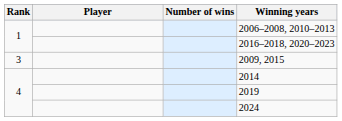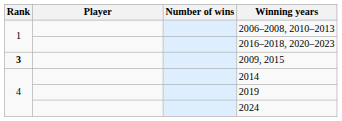 <table class="wikitable style="text-align:center">
 <tr style="background-color:#CEDAF2;">
 <th>Rank</th>
 <th style="width:200px;">Player</th>
 <th>Number of wins</th>
 <th class="unsortable">Winning years</th>
 </tr>
 <tr>
 <td align="center" rowspan=2>1</td>
 <td style="text-align:left;"></td>
 <td style="background-color:#DDEEFF;"></td>
 <td style="text-align:left;">2006–2008, 2010–2013</td>
 </tr>
 <tr>
 <td style="text-align:left;"></td>
 <td style="background-color:#DDEEFF;"></td>
 <td style="text-align:left;">2016–2018, 2020–2023</td>
 </tr>
 <tr>
-<td align="center">3</td>
+<td align="center"><strong>3</strong></td>
 <td style="text-align:left;"></td>
 <td style="background-color:#DDEEFF;"></td>
 <td style="text-align:left;">2009, 2015</td>
 </tr>
 <tr>
 <td align="center" rowspan=3>4</td>
 <td style="text-align:left;"></td>
 <td style="background-color:#DDEEFF;"></td>
 <td style="text-align:left;">2014</td>
 </tr>
 <tr>
 <td style="text-align:left;"></td>
 <td style="background-color:#DDEEFF;"></td>
 <td style="text-align:left;">2019</td>
 </tr>
 <tr>
 <td style="text-align:left;"></td>
 <td style="background-color:#DDEEFF;"></td>
 <td style="text-align:left;">2024</td>
 </tr>
 </table>
